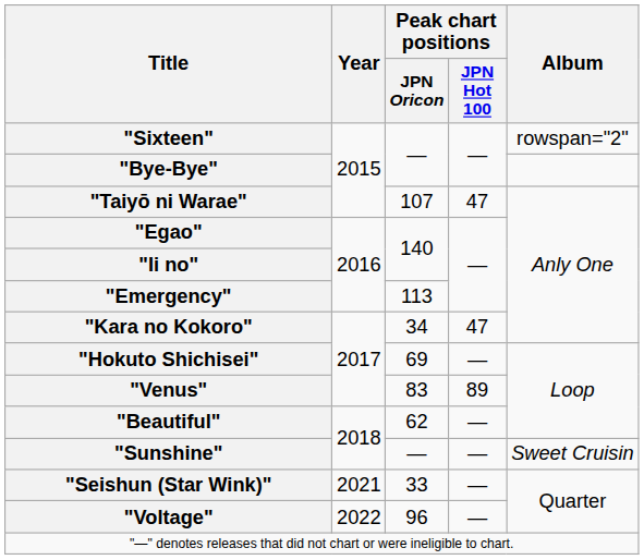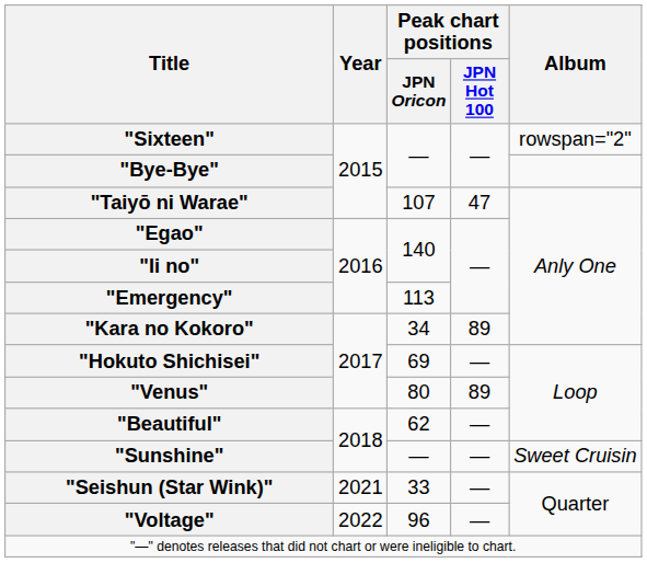 <table class="wikitable plainrowheaders" style="text-align:center;">
 <tr>
 <th scope="col" rowspan="2" style="width:16em;">Title</th>
 <th scope="col" rowspan="2">Year</th>
 <th scope="col" colspan="2">Peak chart positions<br></th>
 <th scope="col" rowspan="2">Album</th>
 </tr>
 <tr>
 <th style="width:3em;font-size:85%">JPN <em>Oricon</em><br></th>
 <th style="width:3em;font-size:85%"><a href='#'>JPN Hot 100</a></th>
 </tr>
 <tr>
 <th scope="row">"Sixteen"</th>
 <td rowspan="3">2015</td>
 <td rowspan="2">—</td>
 <td rowspan="2">—</td>
 <td>rowspan="2" </td>
 </tr>
 <tr>
 <th scope="row">"Bye-Bye"</th>
 </tr>
 <tr>
 <th scope="row">"Taiyō ni Warae"</th>
 <td>107</td>
 <td>47</td>
 <td rowspan="5"><em>Anly One</em></td>
 </tr>
 <tr>
 <th scope="row">"Egao"</th>
 <td rowspan="3">2016</td>
 <td rowspan="2">140</td>
 <td rowspan="3">—</td>
 </tr>
 <tr>
 <th scope="row">"Ii no"</th>
 </tr>
 <tr>
 <th scope="row">"Emergency"</th>
 <td>113</td>
 </tr>
 <tr>
 <th scope="row">"Kara no Kokoro"</th>
 <td rowspan="3">2017</td>
 <td>34</td>
-<td>47</td>
+<td>89</td>
 </tr>
 <tr>
 <th scope="row">"Hokuto Shichisei"</th>
 <td>69</td>
 <td>—</td>
 <td rowspan="3"><em>Loop</em></td>
 </tr>
 <tr>
 <th scope="row">"Venus"</th>
-<td>83</td>
+<td>80</td>
 <td>89</td>
 </tr>
 <tr>
 <th scope="row">"Beautiful"</th>
 <td rowspan="2">2018</td>
 <td>62</td>
 <td>—</td>
 </tr>
 <tr>
 <th scope="row">"Sunshine"</th>
 <td>—</td>
 <td>—</td>
 <td><em>Sweet Cruisin<strong></td>
 </tr>
 <tr>
 <th scope="row">"Seishun (Star Wink)"</th>
 <td>2021</td>
 <td>33</td>
 <td>—</td>
 <td rowspan="2"></em>Quarter<em></td>
 </tr>
 <tr>
 <th scope="row">"Voltage"</th>
 <td>2022</td>
 <td>96</td>
 <td>—</td>
 </tr>
 <tr>
 <td align="center" colspan="13" style="font-size: 8pt">"—" denotes releases that did not chart or were ineligible to chart.</td>
 </tr>
 </table>
